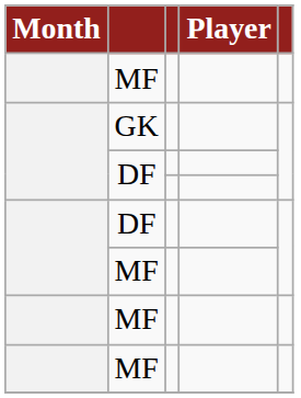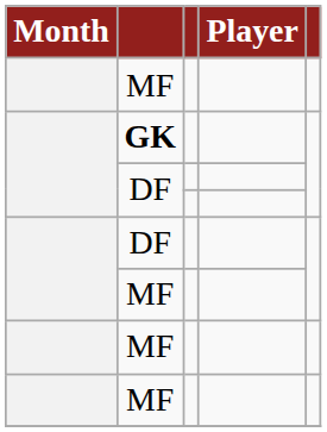 <table class="wikitable sortable" style="text-align:center;">
 <tr>
 <th style="background:#921f1c; color:#fff;">Month</th>
 <th style="background:#921f1c; color:#fff;"></th>
 <th style="background:#921f1c; color:#fff;"></th>
 <th style="background:#921f1c; color:#fff;">Player</th>
 <th style="background:#921f1c; color:#fff;"></th>
 </tr>
 <tr>
 <th></th>
 <td>MF</td>
 <td></td>
 <td align="left"></td>
 <td></td>
 </tr>
 <tr>
 <th rowspan="3"></th>
-<td>GK</td>
+<td><strong>GK</strong></td>
 <td></td>
 <td align="left"></td>
 <td rowspan="3"></td>
 </tr>
 <tr>
 <td rowspan="2">DF</td>
 <td></td>
 <td align="left"></td>
 </tr>
 <tr>
 <td></td>
 <td align="left"></td>
 </tr>
 <tr>
 <th rowspan="2"></th>
 <td>DF</td>
 <td></td>
 <td align="left"></td>
 <td rowspan="2"></td>
 </tr>
 <tr>
 <td>MF</td>
 <td></td>
 <td align="left"></td>
 </tr>
 <tr>
 <th></th>
 <td>MF</td>
 <td></td>
 <td align="left"></td>
 <td></td>
 </tr>
 <tr>
 <th></th>
 <td>MF</td>
 <td></td>
 <td align="left"></td>
 <td></td>
 </tr>
 <tr>
 </tr>
 </table>
